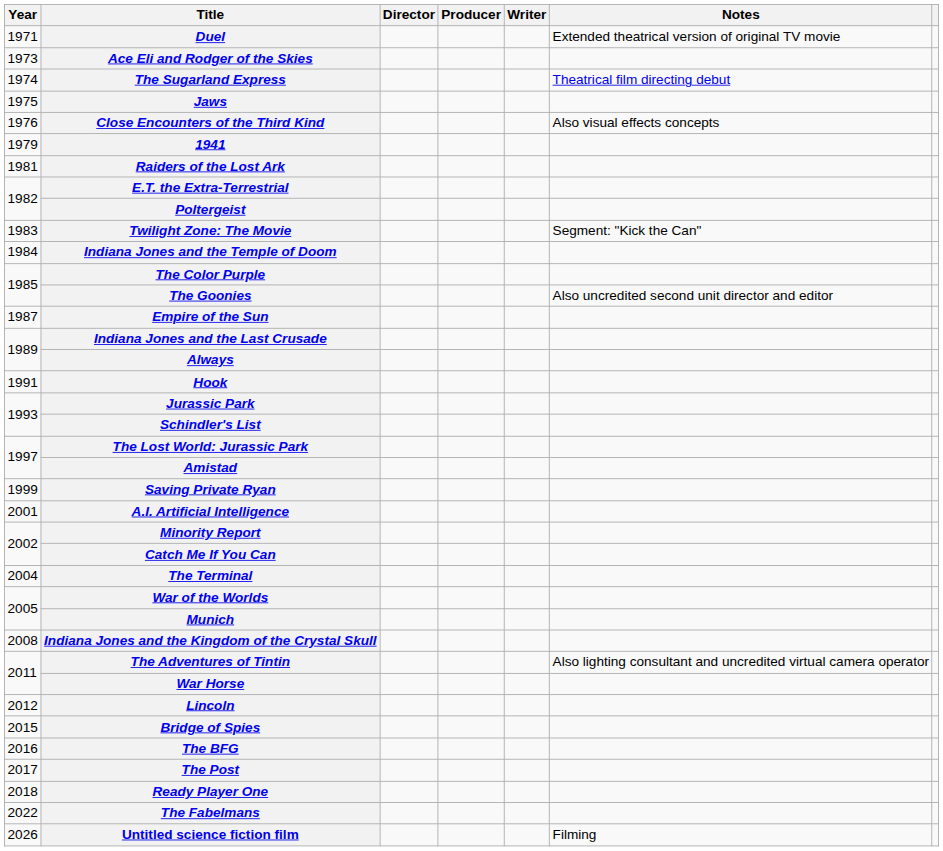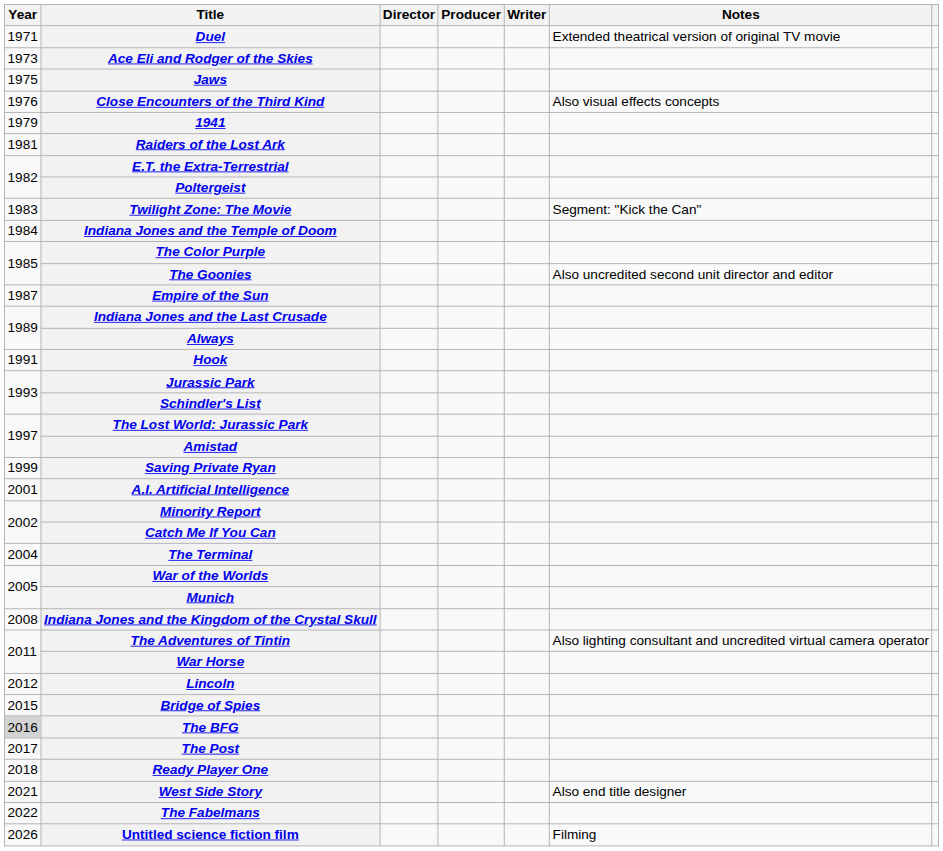 <table class="wikitable plainrowheaders">
 <tr>
 <th scope="col">Year</th>
 <th scope="col">Title</th>
 <th scope="col">Director</th>
 <th scope="col">Producer</th>
 <th scope="col">Writer</th>
 <th scope="col" class=unsortable>Notes</th>
 <th scope="col" class=unsortable></th>
 </tr>
 <tr>
 <td>1971</td>
 <th scope="row"><em><a href='#'>Duel</a></em></th>
 <td></td>
 <td></td>
 <td></td>
 <td style="text-align:left">Extended theatrical version of original TV movie</td>
 <td></td>
 </tr>
 <tr>
 <td>1973</td>
 <th scope="row"><em><a href='#'>Ace Eli and Rodger of the Skies</a></em></th>
 <td></td>
 <td></td>
 <td></td>
 <td></td>
-<td></td>
-</tr>
-<tr>
-<td>1974</td>
-<th scope="row"><em><a href='#'>The Sugarland Express</a></em></th>
-<td></td>
-<td></td>
-<td></td>
-<td style="text-align:left"><a href='#'>Theatrical film directing debut</a></td>
 <td></td>
 </tr>
 <tr>
 <td>1975</td>
 <th scope="row"><em><a href='#'>Jaws</a></em></th>
 <td></td>
 <td></td>
 <td></td>
 <td style="text-align:left"></td>
 <td></td>
 </tr>
 <tr>
 <td>1976</td>
 <th scope="row"><em><a href='#'>Close Encounters of the Third Kind</a></em></th>
 <td></td>
 <td></td>
 <td></td>
 <td style="text-align:left">Also visual effects concepts</td>
 <td></td>
 </tr>
 <tr>
 <td>1979</td>
 <th scope="row"><em><a href='#'>1941</a></em></th>
 <td></td>
 <td></td>
 <td></td>
 <td style="text-align:left"></td>
 <td></td>
 </tr>
 <tr>
 <td>1981</td>
 <th scope="row"><em><a href='#'>Raiders of the Lost Ark</a></em></th>
 <td></td>
 <td></td>
 <td></td>
 <td style="text-align:left"></td>
 <td></td>
 </tr>
 <tr>
 <td rowspan="2">1982</td>
 <th scope="row"><em><a href='#'>E.T. the Extra-Terrestrial</a></em></th>
 <td></td>
 <td></td>
 <td></td>
 <td style="text-align:left"></td>
 <td></td>
 </tr>
 <tr>
 <th scope="row"><em><a href='#'>Poltergeist</a></em></th>
 <td></td>
 <td></td>
 <td></td>
 <td></td>
 <td></td>
 </tr>
 <tr>
 <td>1983</td>
 <th scope="row"><em><a href='#'>Twilight Zone: The Movie</a></em></th>
 <td></td>
 <td></td>
 <td></td>
 <td style="text-align:left">Segment: "Kick the Can"</td>
 <td></td>
 </tr>
 <tr>
 <td>1984</td>
 <th scope="row"><em><a href='#'>Indiana Jones and the Temple of Doom</a></em></th>
 <td></td>
 <td></td>
 <td></td>
 <td style="text-align:left"></td>
 <td></td>
 </tr>
 <tr>
 <td rowspan=2>1985</td>
 <th scope="row"><em><a href='#'>The Color Purple</a></em></th>
 <td></td>
 <td></td>
 <td></td>
 <td style="text-align:left"></td>
 <td></td>
 </tr>
 <tr>
 <th scope="row"><em><a href='#'>The Goonies</a></em></th>
 <td></td>
 <td></td>
 <td></td>
 <td>Also uncredited second unit director and editor</td>
 <td></td>
 </tr>
 <tr>
 <td>1987</td>
 <th scope="row"><em><a href='#'>Empire of the Sun</a></em></th>
 <td></td>
 <td></td>
 <td></td>
 <td style="text-align:left"></td>
 <td></td>
 </tr>
 <tr>
 <td rowspan=2>1989</td>
 <th scope="row"><em><a href='#'>Indiana Jones and the Last Crusade</a></em></th>
 <td></td>
 <td></td>
 <td></td>
 <td style="text-align:left"></td>
 <td></td>
 </tr>
 <tr>
 <th scope="row"><em><a href='#'>Always</a></em></th>
 <td></td>
 <td></td>
 <td></td>
 <td style="text-align:left"></td>
 <td></td>
 </tr>
 <tr>
 <td>1991</td>
 <th scope="row"><em><a href='#'>Hook</a></em></th>
 <td></td>
 <td></td>
 <td></td>
 <td style="text-align:left"></td>
 <td></td>
 </tr>
 <tr>
 <td rowspan="2">1993</td>
 <th scope="row"><em><a href='#'>Jurassic Park</a></em></th>
 <td></td>
 <td></td>
 <td></td>
 <td style="text-align:left"></td>
 <td></td>
 </tr>
 <tr>
 <th scope="row"><em><a href='#'>Schindler's List</a></em></th>
 <td></td>
 <td></td>
 <td></td>
 <td style="text-align:left"></td>
 <td></td>
 </tr>
 <tr>
 <td rowspan=2>1997</td>
 <th scope="row"><em><a href='#'>The Lost World: Jurassic Park</a></em></th>
 <td></td>
 <td></td>
 <td></td>
 <td style="text-align:left"></td>
 <td></td>
 </tr>
 <tr>
 <th scope="row"><em><a href='#'>Amistad</a></em></th>
 <td></td>
 <td></td>
 <td></td>
 <td style="text-align:left"></td>
 <td></td>
 </tr>
 <tr>
 <td>1999</td>
 <th scope="row"><em><a href='#'>Saving Private Ryan</a></em></th>
 <td></td>
 <td></td>
 <td></td>
 <td style="text-align:left"></td>
 <td></td>
 </tr>
 <tr>
 <td>2001</td>
 <th scope="row"><em><a href='#'>A.I. Artificial Intelligence</a></em></th>
 <td></td>
 <td></td>
 <td></td>
 <td style="text-align:left"></td>
 <td></td>
 </tr>
 <tr>
 <td rowspan="2">2002</td>
 <th scope="row"><em><a href='#'>Minority Report</a></em></th>
 <td></td>
 <td></td>
 <td></td>
 <td style="text-align:left"></td>
 <td></td>
 </tr>
 <tr>
 <th scope="row"><em><a href='#'>Catch Me If You Can</a></em></th>
 <td></td>
 <td></td>
 <td></td>
 <td style="text-align:left"></td>
 <td></td>
 </tr>
 <tr>
 <td>2004</td>
 <th scope="row"><em><a href='#'>The Terminal</a></em></th>
 <td></td>
 <td></td>
 <td></td>
 <td style="text-align:left"></td>
 <td></td>
 </tr>
 <tr>
 <td rowspan="2">2005</td>
 <th scope="row"><em><a href='#'>War of the Worlds</a></em></th>
 <td></td>
 <td></td>
 <td></td>
 <td style="text-align:left"></td>
 <td></td>
 </tr>
 <tr>
 <th scope="row"><em><a href='#'>Munich</a></em></th>
 <td></td>
 <td></td>
 <td></td>
 <td style="text-align:left"></td>
 <td></td>
 </tr>
 <tr>
 <td>2008</td>
 <th scope="row"><em><a href='#'>Indiana Jones and the Kingdom of the Crystal Skull</a></em></th>
 <td></td>
 <td></td>
 <td></td>
 <td style="text-align:left"></td>
 <td></td>
 </tr>
 <tr>
 <td rowspan="2">2011</td>
 <th scope="row"><em><a href='#'>The Adventures of Tintin</a></em></th>
 <td></td>
 <td></td>
 <td></td>
 <td style="text-align:left">Also lighting consultant and uncredited virtual camera operator</td>
 <td></td>
 </tr>
 <tr>
 <th scope="row"><em><a href='#'>War Horse</a></em></th>
 <td></td>
 <td></td>
 <td></td>
 <td style="text-align:left"></td>
 <td></td>
 </tr>
 <tr>
 <td>2012</td>
 <th scope="row"><em><a href='#'>Lincoln</a></em></th>
 <td></td>
 <td></td>
 <td></td>
 <td style="text-align:left"></td>
 <td></td>
 </tr>
 <tr>
 <td>2015</td>
 <th scope="row"><em><a href='#'>Bridge of Spies</a></em></th>
 <td></td>
 <td></td>
 <td></td>
 <td style="text-align:left"></td>
 <td></td>
 </tr>
 <tr>
-<td>2016</td>
+<td style="background: lightgrey;">2016</td>
 <th scope="row"><em><a href='#'>The BFG</a></em></th>
 <td></td>
 <td></td>
 <td></td>
 <td style="text-align:left"></td>
 <td></td>
 </tr>
 <tr>
 <td>2017</td>
 <th scope="row"><em><a href='#'>The Post</a></em></th>
 <td></td>
 <td></td>
 <td></td>
 <td style="text-align:left"></td>
 <td></td>
 </tr>
 <tr>
 <td>2018</td>
 <th scope="row"><em><a href='#'>Ready Player One</a></em></th>
 <td></td>
 <td></td>
 <td></td>
 <td style="text-align:left"></td>
 <td></td>
 </tr>
 <tr>
+<td>2021</td>
+<th scope="row"><em><a href='#'>West Side Story</a></em></th>
+<td></td>
+<td></td>
+<td></td>
+<td style="text-align:left">Also end title designer</td>
+<td></td>
+</tr>
+<tr>
 <td>2022</td>
 <th scope="row"><em><a href='#'>The Fabelmans</a></em></th>
 <td></td>
 <td></td>
 <td></td>
 <td style="text-align:left"></td>
 <td></td>
 </tr>
 <tr>
 <td>2026</td>
 <th scope="row"><a href='#'>Untitled science fiction film</a></th>
 <td></td>
 <td></td>
 <td></td>
 <td style="text-align:left">Filming</td>
 <td></td>
 </tr>
 </table>
